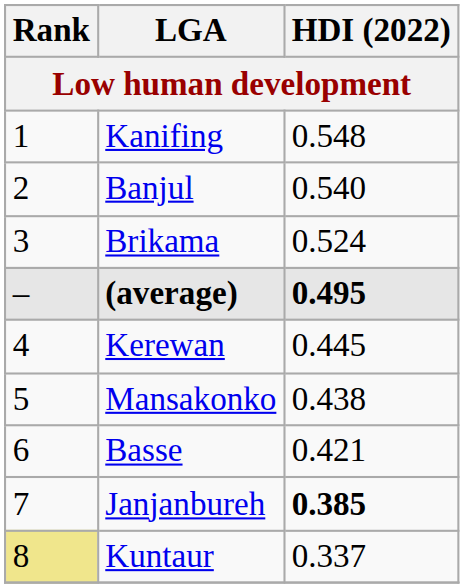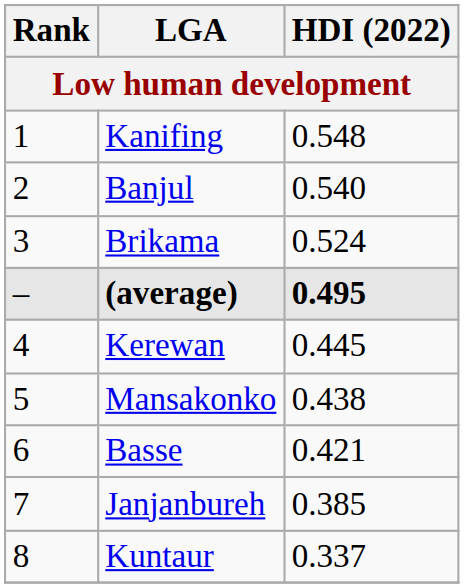 <table class="wikitable sortable">
 <tr>
 <th class="sort">Rank</th>
 <th class="sort">LGA</th>
 <th class="sort">HDI (2022)</th>
 </tr>
 <tr>
 <th colspan="3" style="color:#900;">Low human development</th>
 </tr>
 <tr>
 <td>1</td>
 <td style="text-align:left"><a href='#'>Kanifing</a></td>
 <td>0.548</td>
 </tr>
 <tr>
 <td>2</td>
 <td style="text-align:left"><a href='#'>Banjul</a></td>
 <td>0.540</td>
 </tr>
 <tr>
 <td>3</td>
 <td style="text-align:left"><a href='#'>Brikama</a></td>
 <td>0.524</td>
 </tr>
 <tr style="background:#e6e6e6">
 <td>–</td>
 <td style="text-align:left"><strong> (average)</strong></td>
 <td><strong>0.495</strong></td>
 </tr>
 <tr>
 <td>4</td>
 <td style="text-align:left"><a href='#'>Kerewan</a></td>
 <td>0.445</td>
 </tr>
 <tr>
 <td>5</td>
 <td style="text-align:left"><a href='#'>Mansakonko</a></td>
 <td>0.438</td>
 </tr>
 <tr>
 <td>6</td>
 <td style="text-align:left"><a href='#'>Basse</a></td>
 <td>0.421</td>
 </tr>
 <tr>
 <td>7</td>
 <td style="text-align:left"><a href='#'>Janjanbureh</a></td>
-<td><strong>0.385</strong></td>
+<td>0.385</td>
 </tr>
 <tr>
-<td style="background: khaki;">8</td>
+<td>8</td>
 <td style="text-align:left"><a href='#'>Kuntaur</a></td>
 <td>0.337</td>
 </tr>
 <tr>
 </tr>
 </table>
